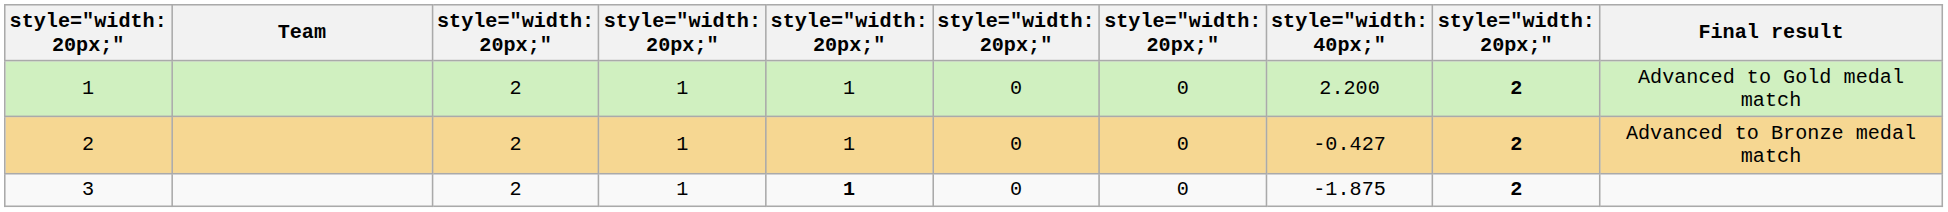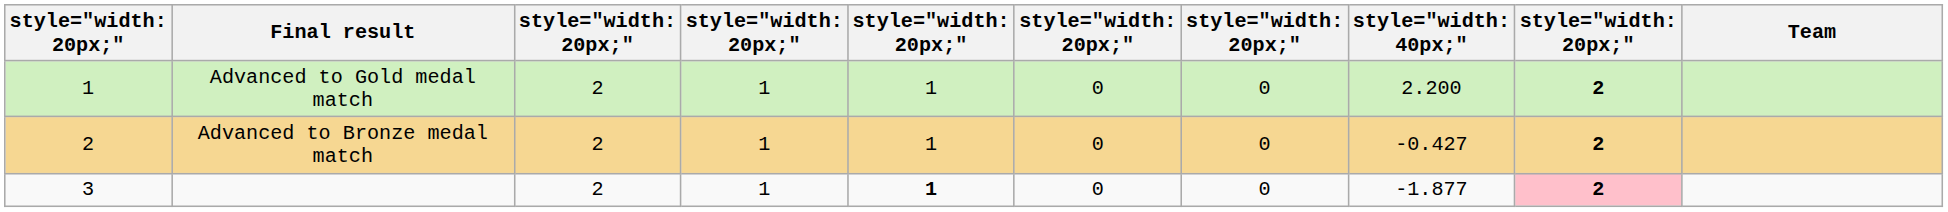 <table class="wikitable" border="1" style="text-align: center;">
 <tr>
 <th>style="width: 20px;"</th>
-<th style="width: 175px;">Team</th>
+<th style="width: 230px;">Final result</th>
 <th>style="width: 20px;"</th>
 <th>style="width: 20px;"</th>
 <th>style="width: 20px;"</th>
 <th>style="width: 20px;"</th>
 <th>style="width: 20px;"</th>
 <th>style="width: 40px;"</th>
 <th>style="width: 20px;"</th>
-<th style="width: 230px;">Final result</th>
+<th style="width: 175px;">Team</th>
 </tr>
 <tr style="background:#D0F0C0;">
 <td>1</td>
-<td style="text-align:left"></td>
+<td>Advanced to Gold medal match</td>
 <td>2</td>
 <td>1</td>
 <td>1</td>
 <td>0</td>
 <td>0</td>
 <td>2.200</td>
 <td><strong>2</strong></td>
-<td>Advanced to Gold medal match</td>
+<td style="text-align:left"></td>
 </tr>
 <tr style="background:#F6D792;">
 <td>2</td>
-<td align=left></td>
+<td>Advanced to Bronze medal match</td>
 <td>2</td>
 <td>1</td>
 <td>1</td>
 <td>0</td>
 <td>0</td>
 <td>-0.427</td>
 <td><strong>2</strong></td>
-<td>Advanced to Bronze medal match</td>
+<td align=left></td>
 </tr>
 <tr>
 <td>3</td>
-<td style="text-align:left"></td>
+<td></td>
 <td>2</td>
 <td>1</td>
 <td><strong>1</strong></td>
 <td>0</td>
 <td>0</td>
-<td>-1.875</td>
-<td><strong>2</strong></td>
-<td></td>
+<td>-1.877</td>
+<td style="background: pink;"><strong>2</strong></td>
+<td style="text-align:left"></td>
 </tr>
 </table>
